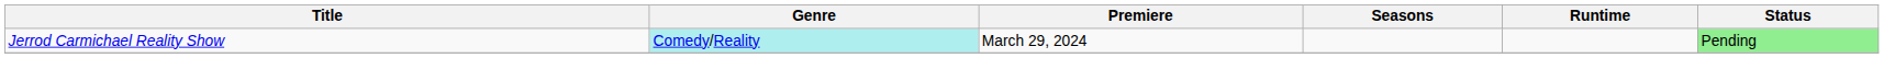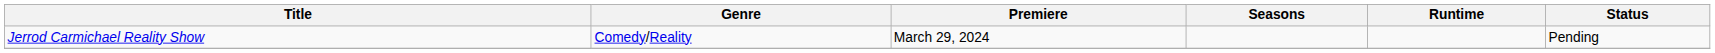 <table class="wikitable sortable" style="width:100%;">
 <tr>
 <th>Title</th>
 <th>Genre</th>
 <th>Premiere</th>
 <th>Seasons</th>
 <th>Runtime</th>
 <th>Status</th>
 </tr>
 <tr>
 <td><em><a href='#'>Jerrod Carmichael Reality Show</a></em></td>
-<td style="background: paleturquoise;"><a href='#'>Comedy</a>/<a href='#'>Reality</a></td>
+<td><a href='#'>Comedy</a>/<a href='#'>Reality</a></td>
 <td>March 29, 2024</td>
 <td></td>
 <td></td>
-<td style="background: lightgreen;">Pending</td>
+<td>Pending</td>
 </tr>
 <tr>
 </tr>
 </table>
